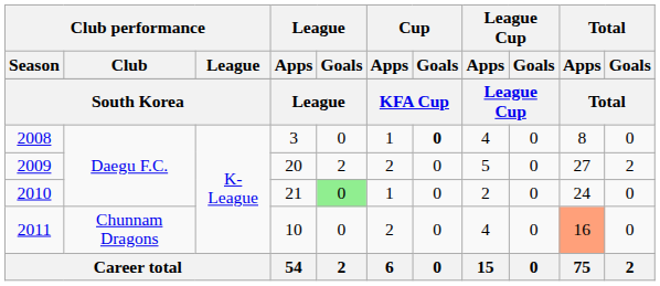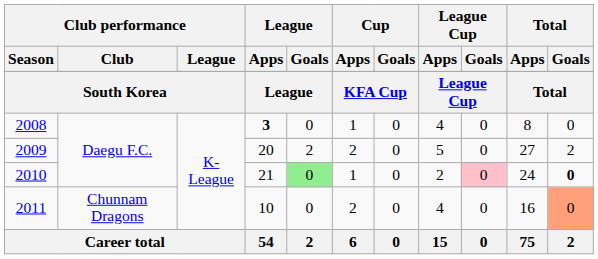 <table class="wikitable" style="text-align:center">
 <tr>
 <th colspan=3>Club performance</th>
 <th colspan=2>League</th>
 <th colspan=2>Cup</th>
 <th colspan=2>League Cup</th>
 <th colspan=2>Total</th>
 </tr>
 <tr>
 <th>Season</th>
 <th>Club</th>
 <th>League</th>
 <th>Apps</th>
 <th>Goals</th>
 <th>Apps</th>
 <th>Goals</th>
 <th>Apps</th>
 <th>Goals</th>
 <th>Apps</th>
 <th>Goals</th>
 </tr>
 <tr>
 </tr>
 <tr>
 <th colspan=3>South Korea</th>
 <th colspan=2>League</th>
 <th colspan=2><a href='#'>KFA Cup</a></th>
 <th colspan=2><a href='#'>League Cup</a></th>
 <th colspan=2>Total</th>
 </tr>
 <tr>
 <td><a href='#'>2008</a></td>
 <td rowspan="3"><a href='#'>Daegu F.C.</a></td>
 <td rowspan="4"><a href='#'>K-League</a></td>
-<td>3</td>
+<td><strong>3</strong></td>
 <td>0</td>
 <td>1</td>
-<td><strong>0</strong></td>
+<td>0</td>
 <td>4</td>
 <td>0</td>
 <td>8</td>
 <td>0</td>
 </tr>
 <tr>
 <td><a href='#'>2009</a></td>
 <td>20</td>
 <td>2</td>
 <td>2</td>
 <td>0</td>
 <td>5</td>
 <td>0</td>
 <td>27</td>
 <td>2</td>
 </tr>
 <tr>
 <td><a href='#'>2010</a></td>
 <td>21</td>
 <td style="background: lightgreen;">0</td>
 <td>1</td>
 <td>0</td>
 <td>2</td>
-<td>0</td>
+<td style="background: pink;">0</td>
 <td>24</td>
-<td>0</td>
+<td><strong>0</strong></td>
 </tr>
 <tr>
 <td><a href='#'>2011</a></td>
 <td rowspan="1"><a href='#'>Chunnam Dragons</a></td>
 <td>10</td>
 <td>0</td>
 <td>2</td>
 <td>0</td>
 <td>4</td>
 <td>0</td>
-<td style="background: lightsalmon;">16</td>
-<td>0</td>
+<td>16</td>
+<td style="background: lightsalmon;">0</td>
 </tr>
 <tr>
 <th colspan=3>Career total</th>
 <th>54</th>
 <th>2</th>
 <th>6</th>
 <th>0</th>
 <th>15</th>
 <th>0</th>
 <th>75</th>
 <th>2</th>
 </tr>
 </table>
